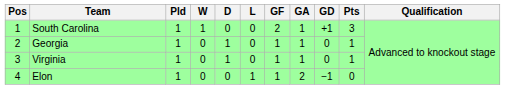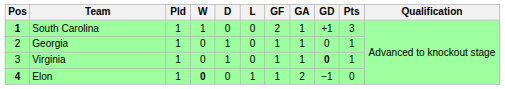 <table class="wikitable" style="text-align:center; margin: 1em auto">
 <tr>
 <th style="width:2em">Pos</th>
 <th style="width:13em">Team</th>
 <th style="width:2em">Pld</th>
 <th style="width:2em">W</th>
 <th style="width:2em">D</th>
 <th style="width:2em">L</th>
 <th style="width:2em">GF</th>
 <th style="width:2em">GA</th>
 <th style="width:2em">GD</th>
 <th style="width:2em">Pts</th>
 <th style="width:13em">Qualification</th>
 </tr>
 <tr bgcolor="#9eff9e">
-<td>1</td>
+<td><strong>1</strong></td>
 <td style="text-align:left">South Carolina</td>
 <td>1</td>
 <td>1</td>
 <td>0</td>
 <td>0</td>
 <td>2</td>
 <td>1</td>
 <td>+1</td>
 <td>3</td>
 <td rowspan="4">Advanced to knockout stage</td>
 </tr>
 <tr bgcolor="#9eff9e">
 <td>2</td>
 <td style="text-align:left">Georgia</td>
 <td>1</td>
 <td>0</td>
 <td>1</td>
 <td>0</td>
 <td>1</td>
 <td>1</td>
 <td>0</td>
 <td>1</td>
 </tr>
 <tr bgcolor="#9eff9e">
 <td>3</td>
 <td style="text-align:left">Virginia</td>
 <td>1</td>
 <td>0</td>
 <td>1</td>
 <td>0</td>
 <td>1</td>
 <td>1</td>
-<td>0</td>
+<td><strong>0</strong></td>
 <td>1</td>
 </tr>
 <tr bgcolor="#9eff9e">
-<td>4</td>
+<td><strong>4</strong></td>
 <td style="text-align:left">Elon</td>
 <td>1</td>
-<td>0</td>
+<td><strong>0</strong></td>
 <td>0</td>
 <td>1</td>
 <td>1</td>
 <td>2</td>
 <td>−1</td>
 <td>0</td>
 </tr>
 </table>
